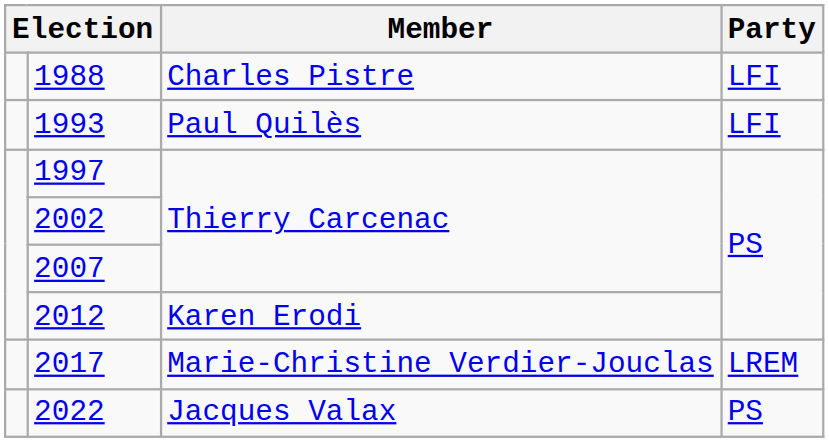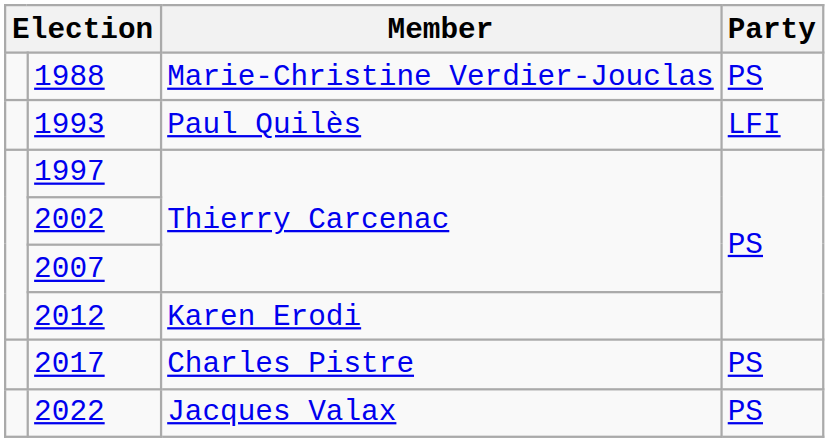 <table class="wikitable">
 <tr>
 <th colspan=2>Election</th>
 <th>Member</th>
 <th>Party</th>
 </tr>
 <tr>
 <td style="background-color: "></td>
 <td><a href='#'>1988</a></td>
-<td><a href='#'>Charles Pistre</a></td>
-<td><a href='#'>LFI</a></td>
+<td><a href='#'>Marie-Christine Verdier-Jouclas</a></td>
+<td><a href='#'>PS</a></td>
 </tr>
 <tr>
 <td style="background-color: "></td>
 <td><a href='#'>1993</a></td>
 <td><a href='#'>Paul Quilès</a></td>
 <td><a href='#'>LFI</a></td>
 </tr>
 <tr>
 <td rowspan="4" style="background-color: "></td>
 <td><a href='#'>1997</a></td>
 <td rowspan="3"><a href='#'>Thierry Carcenac</a></td>
 <td rowspan="4"><a href='#'>PS</a></td>
 </tr>
 <tr>
 <td><a href='#'>2002</a></td>
 </tr>
 <tr>
 <td><a href='#'>2007</a></td>
 </tr>
 <tr>
 <td><a href='#'>2012</a></td>
 <td><a href='#'>Karen Erodi</a></td>
 </tr>
 <tr>
 <td style="background-color: "></td>
 <td><a href='#'>2017</a></td>
-<td><a href='#'>Marie-Christine Verdier-Jouclas</a></td>
-<td><a href='#'>LREM</a></td>
+<td><a href='#'>Charles Pistre</a></td>
+<td><a href='#'>PS</a></td>
 </tr>
 <tr>
 <td style="background-color: "></td>
 <td><a href='#'>2022</a></td>
 <td><a href='#'>Jacques Valax</a></td>
 <td><a href='#'>PS</a></td>
 </tr>
 </table>
